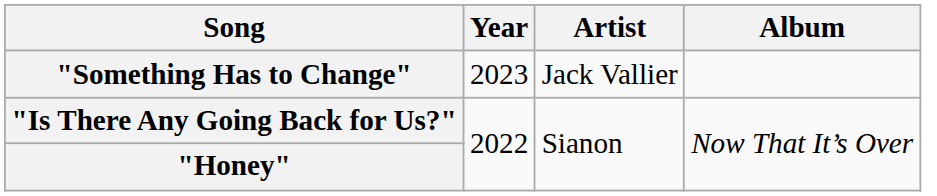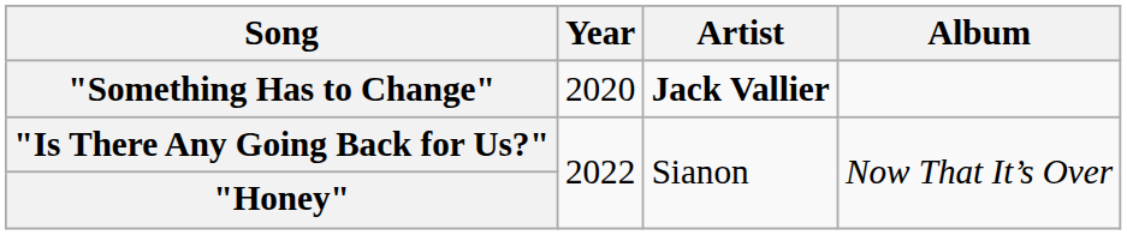 <table class="wikitable plainrowheaders">
 <tr>
 <th scope="col">Song</th>
 <th scope="col">Year</th>
 <th scope="col">Artist</th>
 <th scope="col">Album</th>
 </tr>
 <tr>
 <th scope="row">"Something Has to Change"</th>
-<td>2023</td>
-<td>Jack Vallier</td>
+<td>2020</td>
+<td><strong>Jack Vallier</strong></td>
 <td></td>
 </tr>
 <tr>
 <th scope="row">"Is There Any Going Back for Us?"</th>
 <td rowspan="2">2022</td>
 <td rowspan="2">Sianon</td>
 <td rowspan="2"><em>Now That It’s Over</em></td>
 </tr>
 <tr>
 <th scope="row">"Honey"</th>
 </tr>
 </table>
